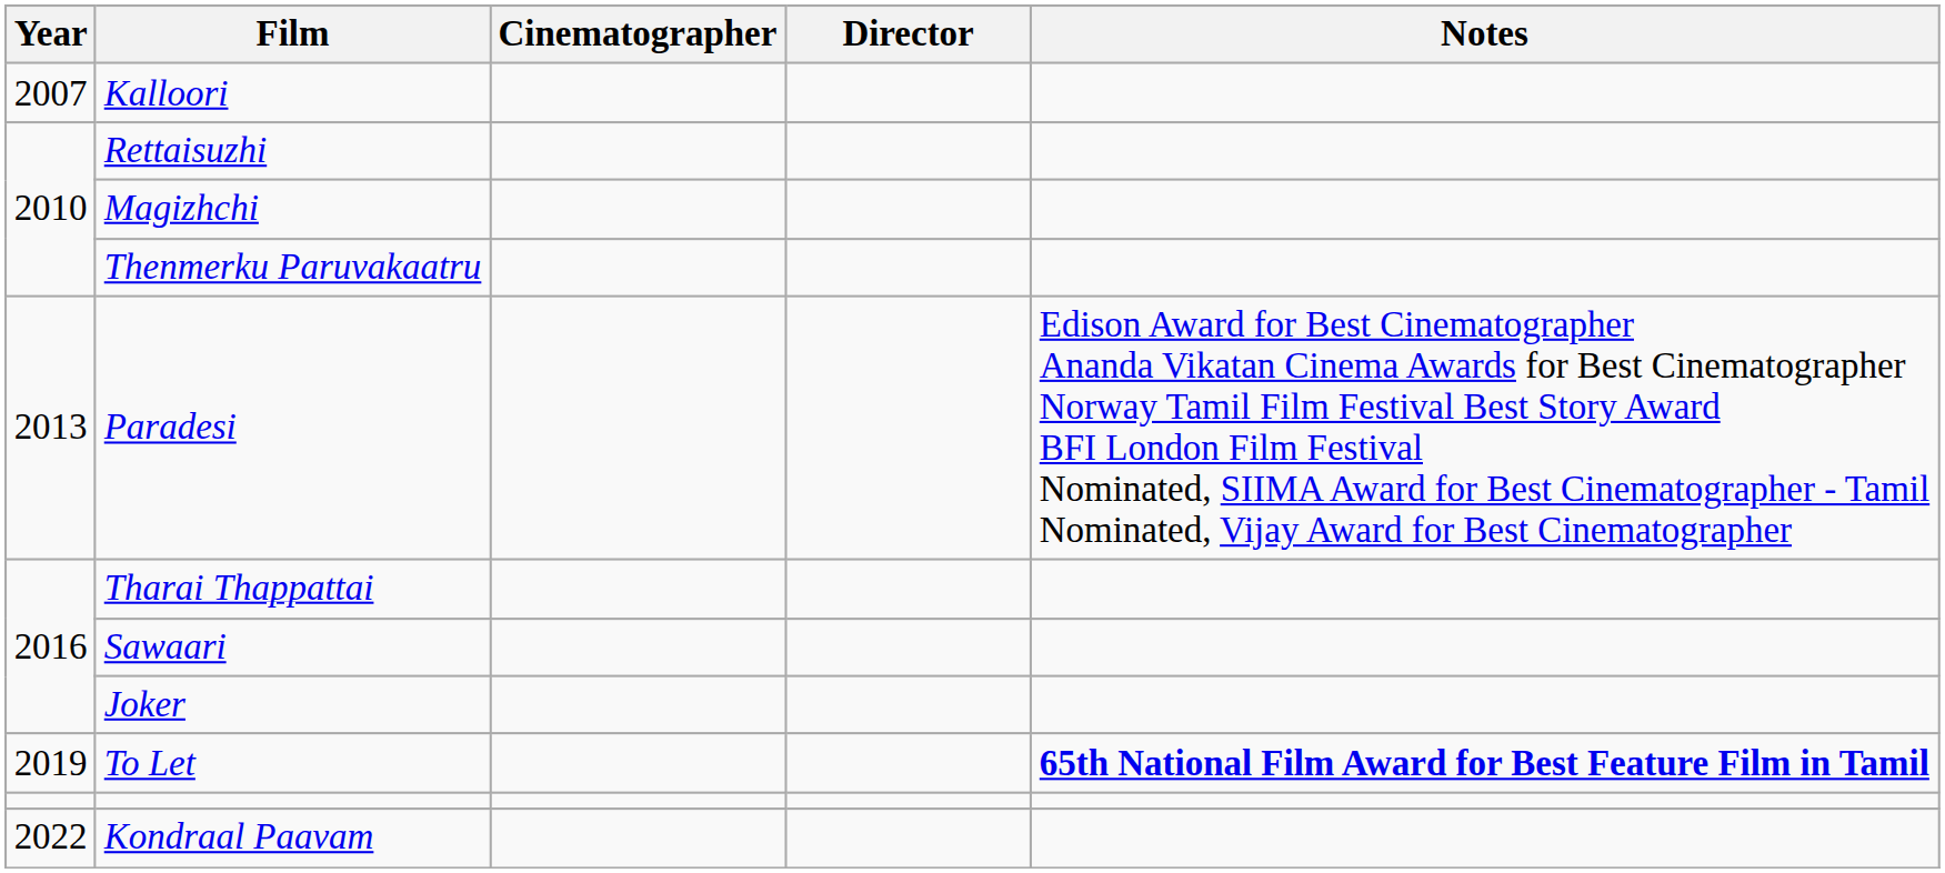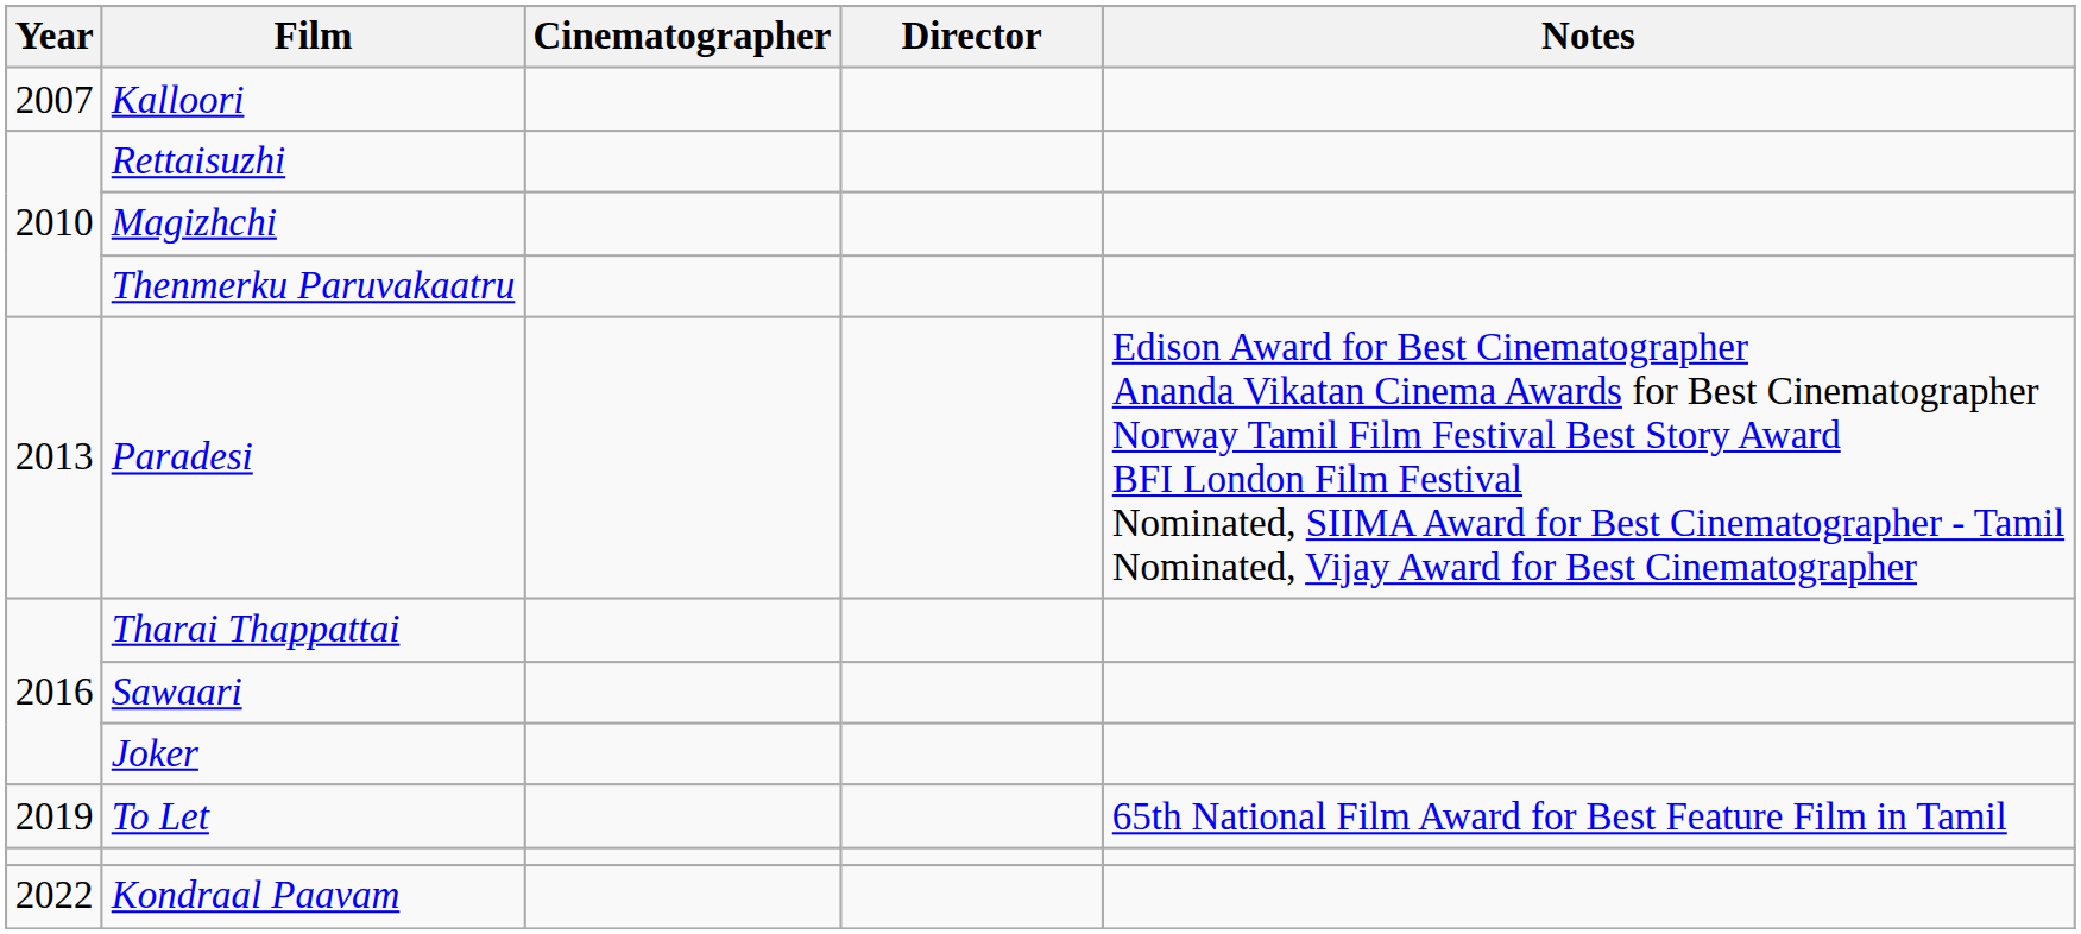 <table class="wikitable sortable mw-collapsible">
 <tr>
 <th>Year</th>
 <th>Film</th>
 <th style="width:100px;">Cinematographer</th>
 <th style="width:100px;">Director</th>
 <th>Notes</th>
 </tr>
 <tr>
 <td>2007</td>
 <td><em><a href='#'>Kalloori</a></em></td>
 <td style="text-align:center;"></td>
 <td></td>
 <td></td>
 </tr>
 <tr>
 <td rowspan="3">2010</td>
 <td><em><a href='#'>Rettaisuzhi</a></em></td>
 <td style="text-align:center;"></td>
 <td></td>
 <td></td>
 </tr>
 <tr>
 <td><em><a href='#'>Magizhchi</a></em></td>
 <td style="text-align:center;"></td>
 <td></td>
 <td></td>
 </tr>
 <tr>
 <td><em><a href='#'>Thenmerku Paruvakaatru</a></em></td>
 <td style="text-align:center;"></td>
 <td></td>
 <td></td>
 </tr>
 <tr>
 <td>2013</td>
 <td><em><a href='#'>Paradesi</a></em></td>
 <td style="text-align:center;"></td>
 <td></td>
 <td><a href='#'>Edison Award for Best Cinematographer</a><br><a href='#'>Ananda Vikatan Cinema Awards</a> for Best Cinematographer<br><a href='#'>Norway Tamil Film Festival Best Story Award</a><br><a href='#'>BFI London Film Festival</a><br>Nominated, <a href='#'>SIIMA Award for Best Cinematographer - Tamil</a><br>Nominated, <a href='#'>Vijay Award for Best Cinematographer</a></td>
 </tr>
 <tr>
 <td rowspan="3">2016</td>
 <td><em><a href='#'>Tharai Thappattai</a></em></td>
 <td style="text-align:center;"></td>
 <td></td>
 <td></td>
 </tr>
 <tr>
 <td><em><a href='#'>Sawaari</a></em></td>
 <td style="text-align:center;"></td>
 <td></td>
 <td></td>
 </tr>
 <tr>
 <td><em><a href='#'>Joker</a></em></td>
 <td style="text-align:center;"></td>
 <td></td>
 <td></td>
 </tr>
 <tr>
 <td>2019</td>
 <td><em><a href='#'>To Let</a></em></td>
 <td style="text-align:center;"></td>
 <td style="text-align:center;"></td>
-<td><strong><a href='#'>65th National Film Award for Best Feature Film in Tamil</a></strong></td>
+<td><a href='#'>65th National Film Award for Best Feature Film in Tamil</a></td>
 </tr>
 <tr>
 <td></td>
 <td></td>
 <td></td>
 <td></td>
 <td></td>
 </tr>
 <tr>
 <td>2022</td>
 <td><em><a href='#'>Kondraal Paavam</a></em></td>
 <td style="text-align:center;"></td>
 <td></td>
 <td></td>
 </tr>
 <tr>
 </tr>
 </table>
